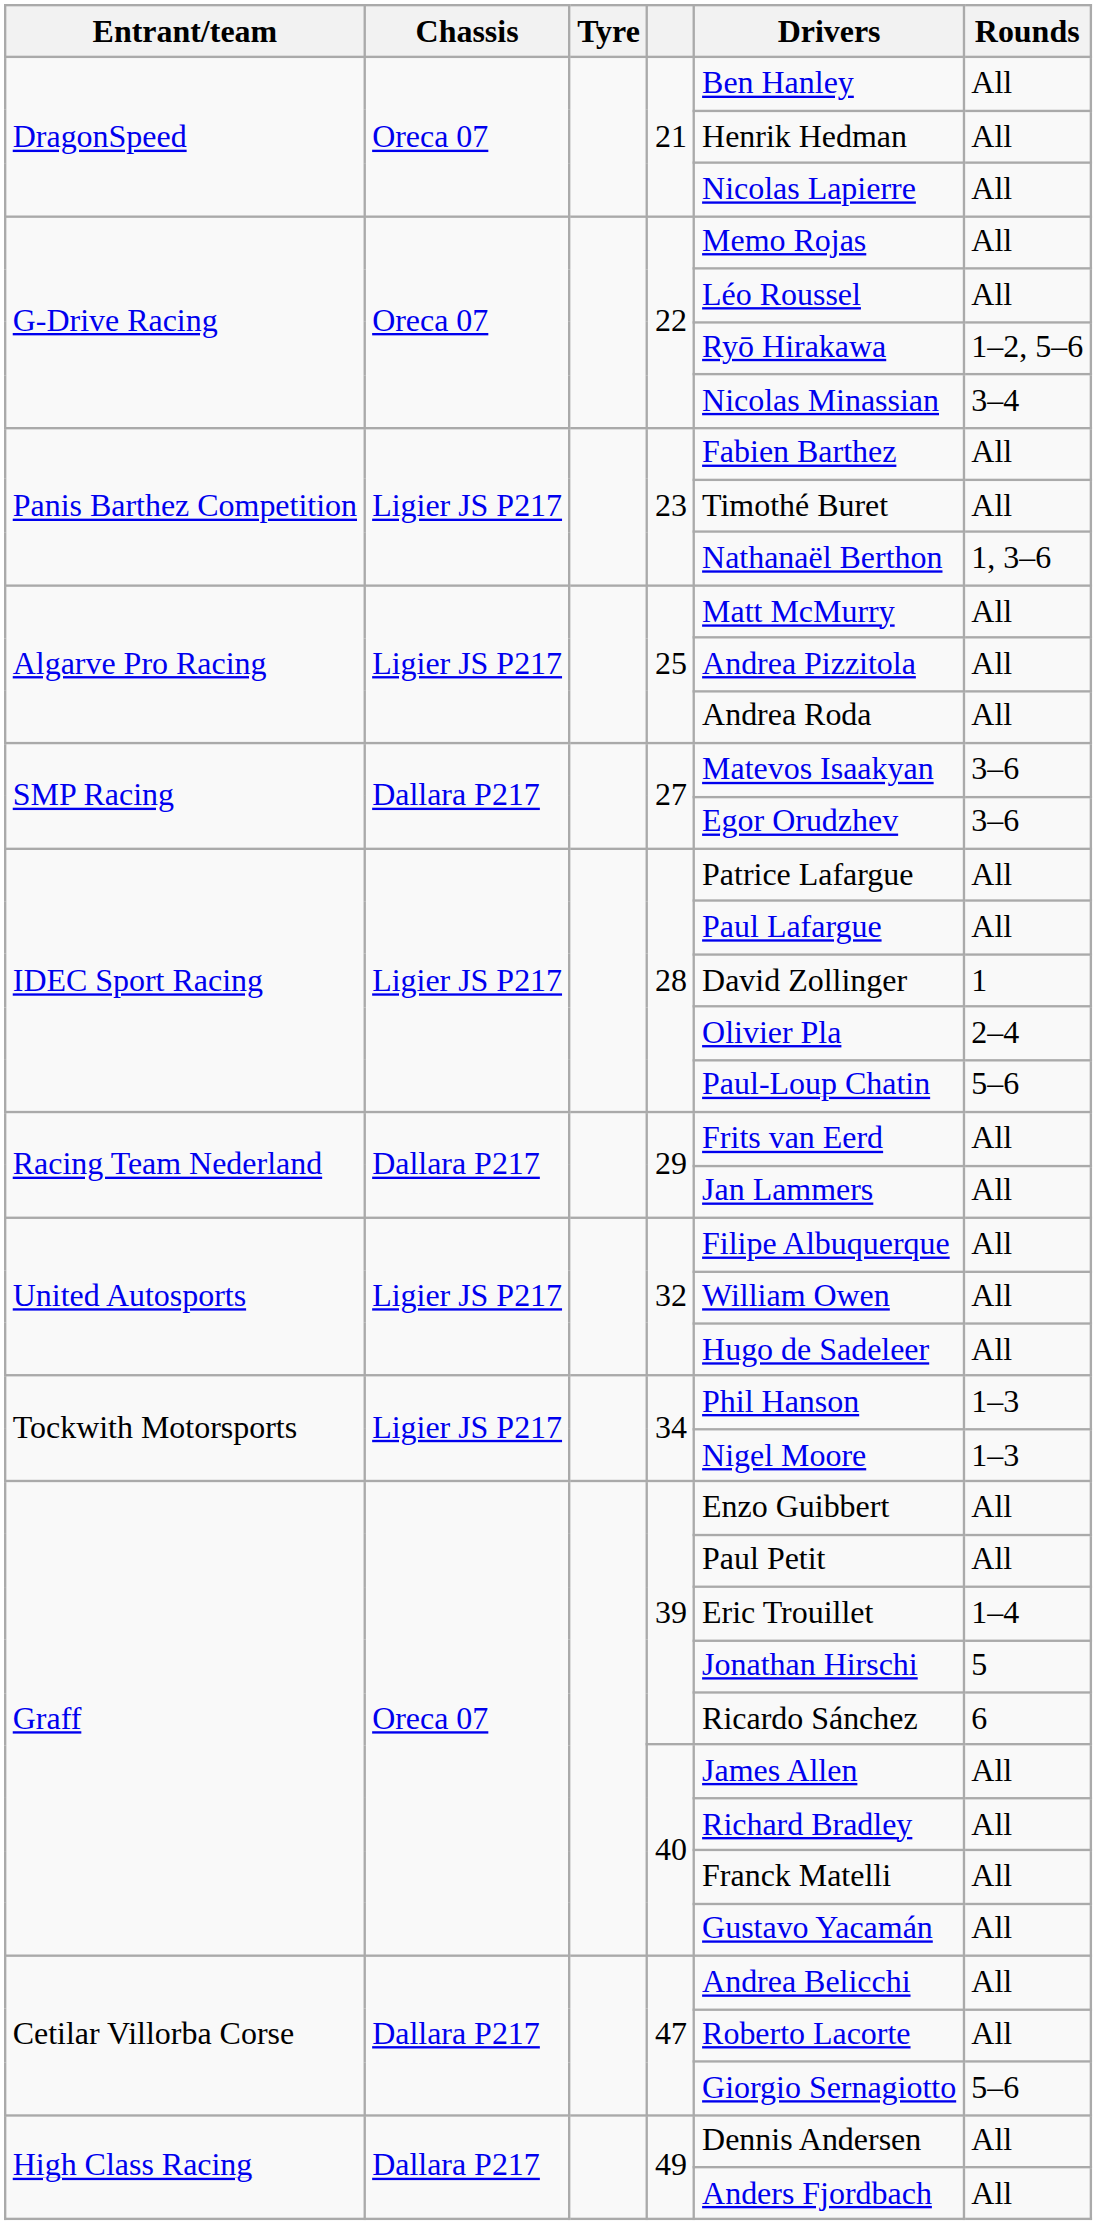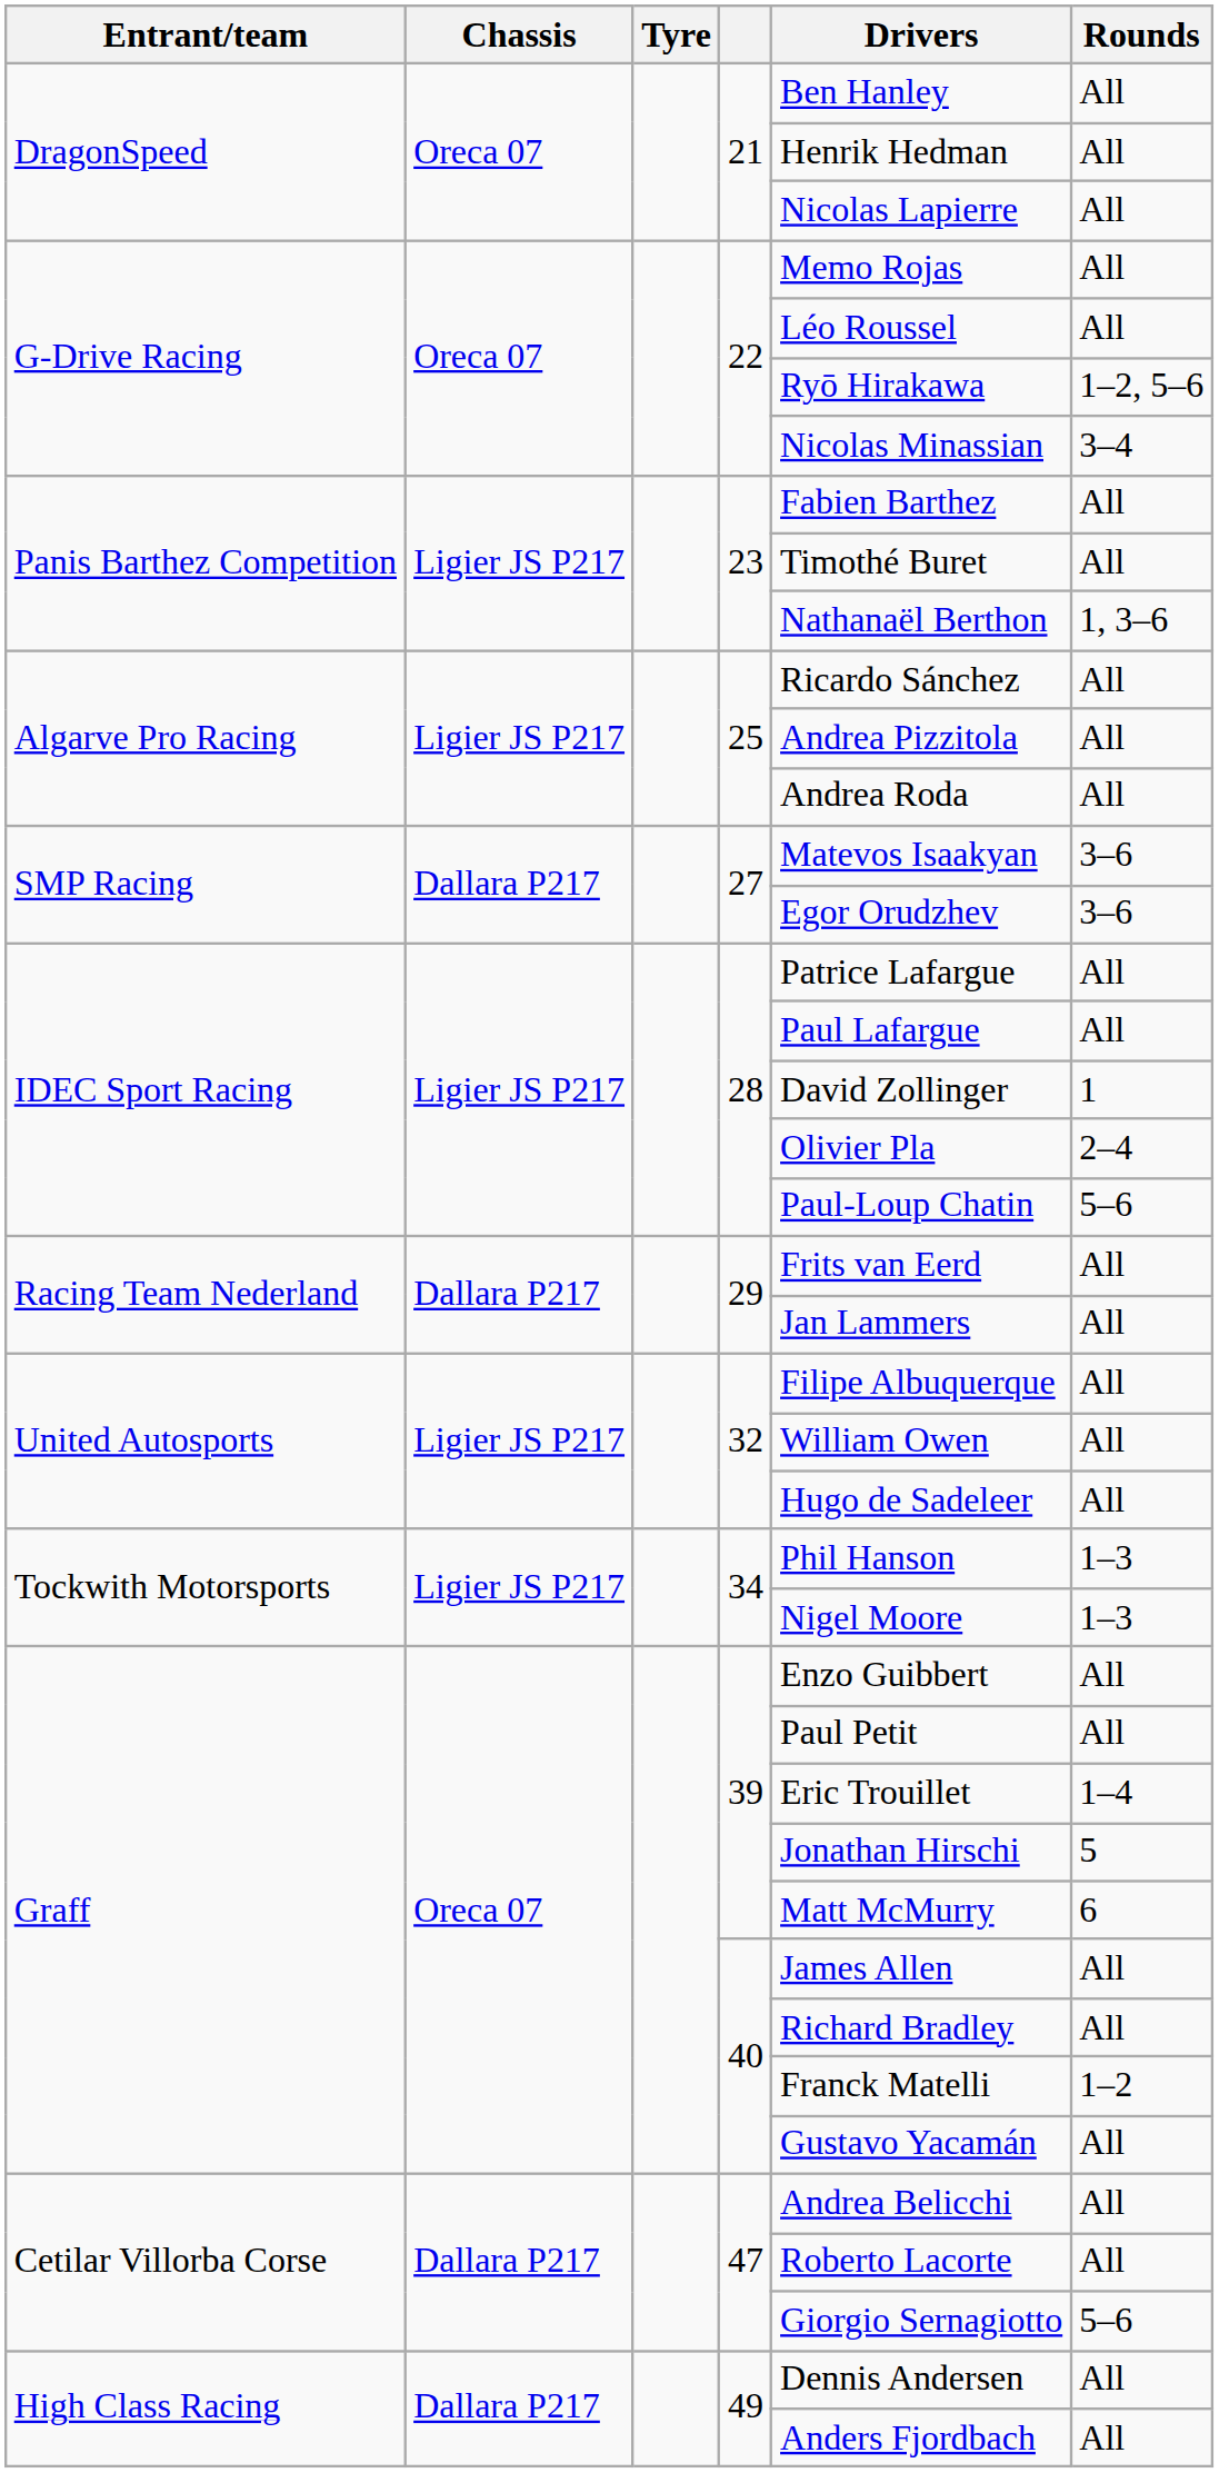 <table class="wikitable" style="font-size: 85%">
 <tr>
 <th>Entrant/team</th>
 <th>Chassis</th>
 <th>Tyre</th>
 <th></th>
 <th>Drivers</th>
 <th>Rounds</th>
 </tr>
 <tr>
 <td rowspan=3> <a href='#'>DragonSpeed</a></td>
 <td rowspan=3><a href='#'>Oreca 07</a></td>
 <td rowspan=3></td>
 <td rowspan=3>21</td>
 <td> <a href='#'>Ben Hanley</a></td>
 <td>All</td>
 </tr>
 <tr>
 <td> Henrik Hedman</td>
 <td>All</td>
 </tr>
 <tr>
 <td> <a href='#'>Nicolas Lapierre</a></td>
 <td>All</td>
 </tr>
 <tr>
 <td rowspan=4> <a href='#'>G-Drive Racing</a></td>
 <td rowspan=4><a href='#'>Oreca 07</a></td>
 <td rowspan=4></td>
 <td rowspan=4>22</td>
 <td> <a href='#'>Memo Rojas</a></td>
 <td>All</td>
 </tr>
 <tr>
 <td> <a href='#'>Léo Roussel</a></td>
 <td>All</td>
 </tr>
 <tr>
 <td> <a href='#'>Ryō Hirakawa</a></td>
 <td>1–2, 5–6</td>
 </tr>
 <tr>
 <td> <a href='#'>Nicolas Minassian</a></td>
 <td>3–4</td>
 </tr>
 <tr>
 <td rowspan=3> <a href='#'>Panis Barthez Competition</a></td>
 <td rowspan=3><a href='#'>Ligier JS P217</a></td>
 <td rowspan=3></td>
 <td rowspan=3>23</td>
 <td> <a href='#'>Fabien Barthez</a></td>
 <td>All</td>
 </tr>
 <tr>
 <td> Timothé Buret</td>
 <td>All</td>
 </tr>
 <tr>
 <td> <a href='#'>Nathanaël Berthon</a></td>
 <td>1, 3–6</td>
 </tr>
 <tr>
 <td rowspan=3> <a href='#'>Algarve Pro Racing</a></td>
 <td rowspan=3><a href='#'>Ligier JS P217</a></td>
 <td rowspan=3></td>
 <td rowspan=3>25</td>
-<td> <a href='#'>Matt McMurry</a></td>
+<td> Ricardo Sánchez</td>
 <td>All</td>
 </tr>
 <tr>
 <td> <a href='#'>Andrea Pizzitola</a></td>
 <td>All</td>
 </tr>
 <tr>
 <td> Andrea Roda</td>
 <td>All</td>
 </tr>
 <tr>
 <td rowspan=2> <a href='#'>SMP Racing</a></td>
 <td rowspan=2><a href='#'>Dallara P217</a></td>
 <td rowspan=2></td>
 <td rowspan=2>27</td>
 <td> <a href='#'>Matevos Isaakyan</a></td>
 <td>3–6</td>
 </tr>
 <tr>
 <td> <a href='#'>Egor Orudzhev</a></td>
 <td>3–6</td>
 </tr>
 <tr>
 <td rowspan=5> <a href='#'>IDEC Sport Racing</a></td>
 <td rowspan=5><a href='#'>Ligier JS P217</a></td>
 <td rowspan=5></td>
 <td rowspan=5>28</td>
 <td> Patrice Lafargue</td>
 <td>All</td>
 </tr>
 <tr>
 <td> <a href='#'>Paul Lafargue</a></td>
 <td>All</td>
 </tr>
 <tr>
 <td> David Zollinger</td>
 <td>1</td>
 </tr>
 <tr>
 <td> <a href='#'>Olivier Pla</a></td>
 <td>2–4</td>
 </tr>
 <tr>
 <td> <a href='#'>Paul-Loup Chatin</a></td>
 <td>5–6</td>
 </tr>
 <tr>
 <td rowspan=2> <a href='#'>Racing Team Nederland</a></td>
 <td rowspan=2><a href='#'>Dallara P217</a></td>
 <td rowspan=2></td>
 <td rowspan=2>29</td>
 <td> <a href='#'>Frits van Eerd</a></td>
 <td>All</td>
 </tr>
 <tr>
 <td> <a href='#'>Jan Lammers</a></td>
 <td>All</td>
 </tr>
 <tr>
 <td rowspan=3> <a href='#'>United Autosports</a></td>
 <td rowspan=3><a href='#'>Ligier JS P217</a></td>
 <td rowspan=3></td>
 <td rowspan=3>32</td>
 <td> <a href='#'>Filipe Albuquerque</a></td>
 <td>All</td>
 </tr>
 <tr>
 <td> <a href='#'>William Owen</a></td>
 <td>All</td>
 </tr>
 <tr>
 <td> <a href='#'>Hugo de Sadeleer</a></td>
 <td>All</td>
 </tr>
 <tr>
 <td rowspan=2> Tockwith Motorsports</td>
 <td rowspan=2><a href='#'>Ligier JS P217</a></td>
 <td rowspan=2></td>
 <td rowspan=2>34</td>
 <td> <a href='#'>Phil Hanson</a></td>
 <td>1–3</td>
 </tr>
 <tr>
 <td> <a href='#'>Nigel Moore</a></td>
 <td>1–3</td>
 </tr>
 <tr>
 <td rowspan=9> <a href='#'>Graff</a></td>
 <td rowspan=9><a href='#'>Oreca 07</a></td>
 <td rowspan=9></td>
 <td rowspan=5>39</td>
 <td> Enzo Guibbert</td>
 <td>All</td>
 </tr>
 <tr>
 <td> Paul Petit</td>
 <td>All</td>
 </tr>
 <tr>
 <td> Eric Trouillet</td>
 <td>1–4</td>
 </tr>
 <tr>
 <td> <a href='#'>Jonathan Hirschi</a></td>
 <td>5</td>
 </tr>
 <tr>
-<td> Ricardo Sánchez</td>
+<td> <a href='#'>Matt McMurry</a></td>
 <td>6</td>
 </tr>
 <tr>
 <td rowspan=4>40</td>
 <td> <a href='#'>James Allen</a></td>
 <td>All</td>
 </tr>
 <tr>
 <td> <a href='#'>Richard Bradley</a></td>
 <td>All</td>
 </tr>
 <tr>
 <td> Franck Matelli</td>
-<td>All</td>
+<td>1–2</td>
 </tr>
 <tr>
 <td> <a href='#'>Gustavo Yacamán</a></td>
 <td>All</td>
 </tr>
 <tr>
 <td rowspan=3> Cetilar Villorba Corse</td>
 <td rowspan=3><a href='#'>Dallara P217</a></td>
 <td rowspan=3></td>
 <td rowspan=3>47</td>
 <td> <a href='#'>Andrea Belicchi</a></td>
 <td>All</td>
 </tr>
 <tr>
 <td> <a href='#'>Roberto Lacorte</a></td>
 <td>All</td>
 </tr>
 <tr>
 <td> <a href='#'>Giorgio Sernagiotto</a></td>
 <td>5–6</td>
 </tr>
 <tr>
 <td rowspan=2> <a href='#'>High Class Racing</a></td>
 <td rowspan=2><a href='#'>Dallara P217</a></td>
 <td rowspan=2></td>
 <td rowspan=2>49</td>
 <td> Dennis Andersen</td>
 <td>All</td>
 </tr>
 <tr>
 <td> <a href='#'>Anders Fjordbach</a></td>
 <td>All</td>
 </tr>
 </table>
